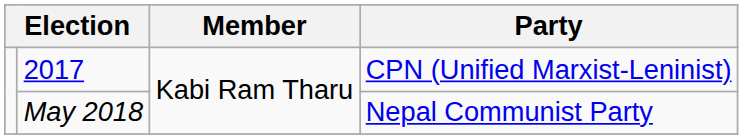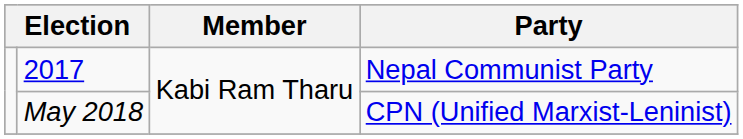 <table class="wikitable">
 <tr>
 <th colspan="2">Election</th>
 <th>Member</th>
 <th>Party</th>
 </tr>
 <tr>
 <td rowspan="2" style="background-color:"></td>
 <td><a href='#'>2017</a></td>
 <td rowspan="2">Kabi Ram Tharu</td>
-<td><a href='#'>CPN (Unified Marxist-Leninist)</a></td>
+<td><a href='#'>Nepal Communist Party</a></td>
 </tr>
 <tr>
 <td><em>May 2018</em></td>
-<td><a href='#'>Nepal Communist Party</a></td>
+<td><a href='#'>CPN (Unified Marxist-Leninist)</a></td>
 </tr>
 </table>
